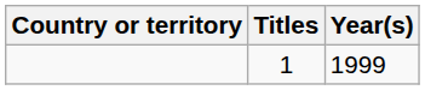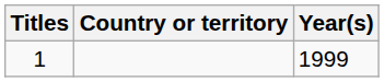 <table class="wikitable" style="font-size:95%">
 <tr>
+<th>Titles</th>
 <th>Country or territory</th>
-<th>Titles</th>
 <th>Year(s)</th>
 </tr>
 <tr>
+<td style="text-align:center;">1</td>
 <td></td>
-<td style="text-align:center;">1</td>
 <td>1999</td>
 </tr>
 </table>
